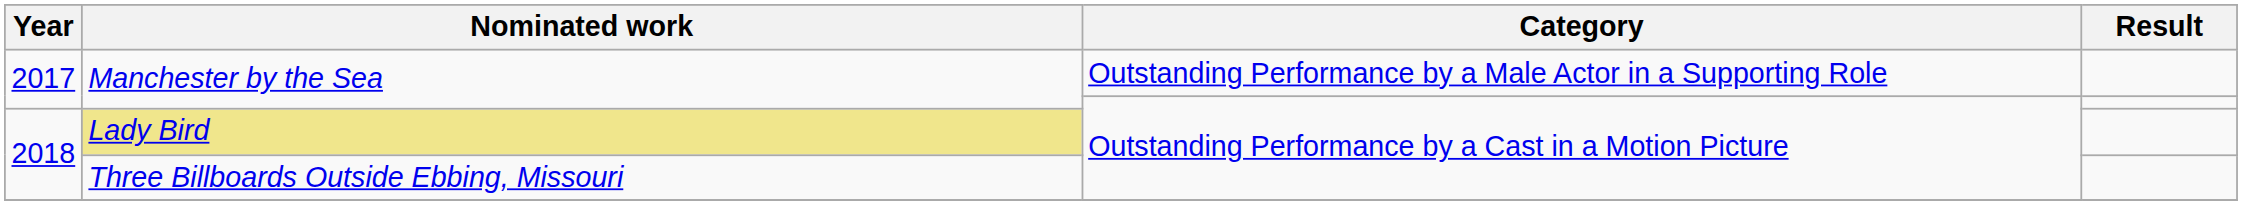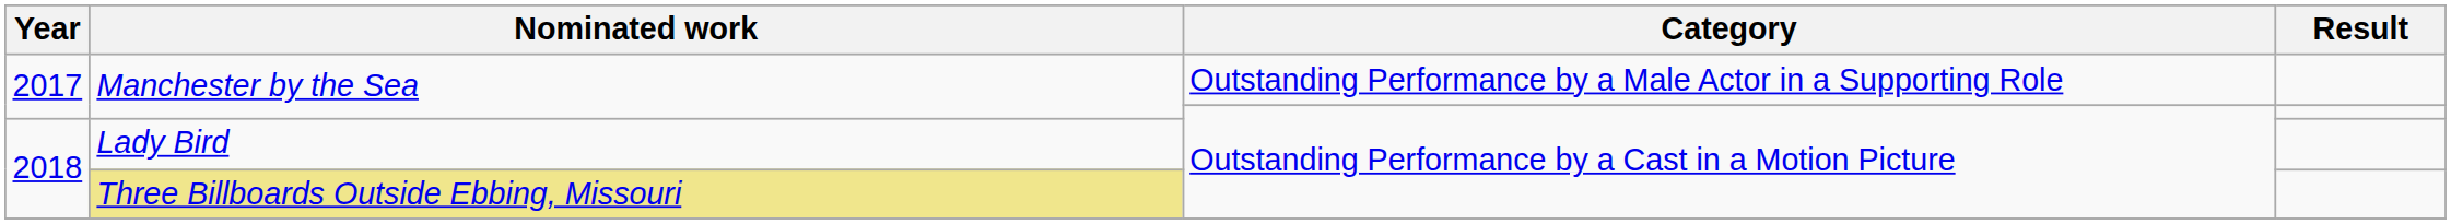 <table class="wikitable">
 <tr>
 <th scope="col" style="width:1em;">Year</th>
 <th scope="col" style="width:35em;">Nominated work</th>
 <th scope="col" style="width:35em;">Category</th>
 <th scope="col" style="width:5em;">Result</th>
 </tr>
 <tr>
 <td rowspan="2"><a href='#'>2017</a></td>
 <td rowspan="2"><em><a href='#'>Manchester by the Sea</a></em></td>
 <td><a href='#'>Outstanding Performance by a Male Actor in a Supporting Role</a></td>
 <td></td>
 </tr>
 <tr>
 <td rowspan=3><a href='#'>Outstanding Performance by a Cast in a Motion Picture</a></td>
 <td></td>
 </tr>
 <tr>
 <td rowspan="2"><a href='#'>2018</a></td>
-<td style="background: khaki;"><em><a href='#'>Lady Bird</a></em></td>
+<td><em><a href='#'>Lady Bird</a></em></td>
 <td></td>
 </tr>
 <tr>
-<td><em><a href='#'>Three Billboards Outside Ebbing, Missouri</a></em></td>
+<td style="background: khaki;"><em><a href='#'>Three Billboards Outside Ebbing, Missouri</a></em></td>
 <td></td>
 </tr>
 <tr>
 </tr>
 </table>
